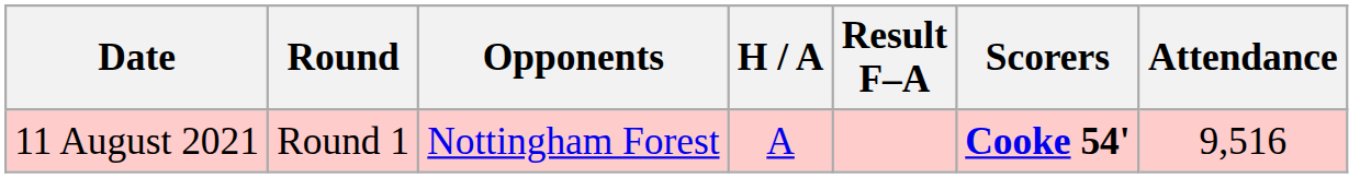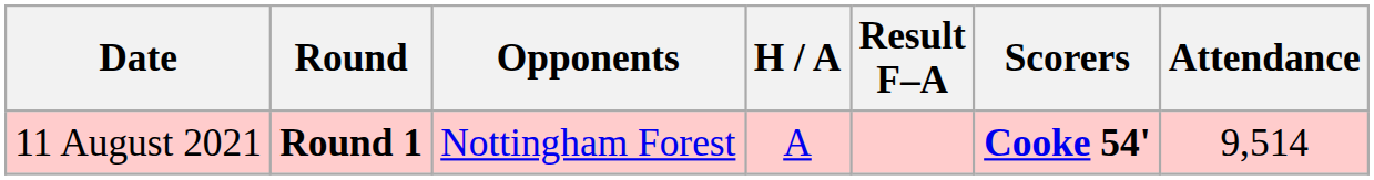 <table class="wikitable" style="text-align:center">
 <tr>
 <th>Date</th>
 <th>Round</th>
 <th>Opponents</th>
 <th>H / A</th>
 <th>Result<br>F–A</th>
 <th>Scorers</th>
 <th>Attendance</th>
 </tr>
 <tr bgcolor="#ffcccc">
 <td>11 August 2021</td>
-<td>Round 1</td>
+<td><strong>Round 1</strong></td>
 <td><a href='#'>Nottingham Forest</a></td>
 <td><a href='#'>A</a></td>
 <td></td>
 <td><strong><a href='#'>Cooke</a> 54'</strong></td>
-<td>9,516</td>
+<td>9,514</td>
 </tr>
 </table>
